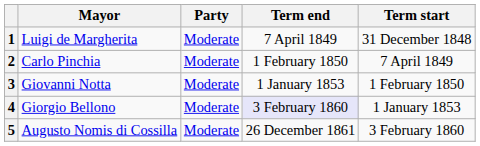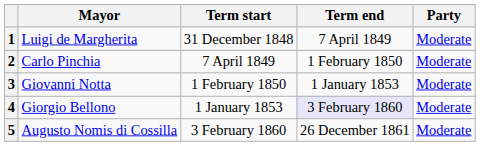 <table class="wikitable">
 <tr>
 <th class=unsortable> </th>
 <th>Mayor</th>
+<th>Term start</th>
+<th>Term end</th>
 <th>Party</th>
-<th>Term end</th>
-<th>Term start</th>
 </tr>
 <tr>
 <th style="background:">1</th>
 <td><a href='#'>Luigi de Margherita</a></td>
+<td align=center>31 December 1848</td>
+<td align=center>7 April 1849</td>
 <td><a href='#'>Moderate</a></td>
-<td align=center>7 April 1849</td>
-<td align=center>31 December 1848</td>
 </tr>
 <tr>
 <th style="background:">2</th>
 <td><a href='#'>Carlo Pinchia</a></td>
+<td align=center>7 April 1849</td>
+<td align=center>1 February 1850</td>
 <td><a href='#'>Moderate</a></td>
-<td align=center>1 February 1850</td>
-<td align=center>7 April 1849</td>
 </tr>
 <tr>
 <th style="background:">3</th>
 <td><a href='#'>Giovanni Notta</a></td>
+<td align=center>1 February 1850</td>
+<td align=center>1 January 1853</td>
 <td><a href='#'>Moderate</a></td>
-<td align=center>1 January 1853</td>
-<td align=center>1 February 1850</td>
 </tr>
 <tr>
 <th style="background:">4</th>
 <td><a href='#'>Giorgio Bellono</a></td>
+<td align=center>1 January 1853</td>
+<td align=center style="background: lavender;">3 February 1860</td>
 <td><a href='#'>Moderate</a></td>
-<td align=center style="background: lavender;">3 February 1860</td>
-<td align=center>1 January 1853</td>
 </tr>
 <tr>
 <th style="background:">5</th>
 <td><a href='#'>Augusto Nomis di Cossilla</a></td>
+<td align=center>3 February 1860</td>
+<td align=center>26 December 1861</td>
 <td><a href='#'>Moderate</a></td>
-<td align=center>26 December 1861</td>
-<td align=center>3 February 1860</td>
 </tr>
 </table>
